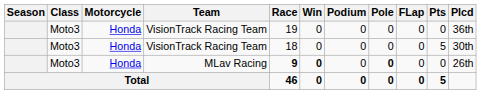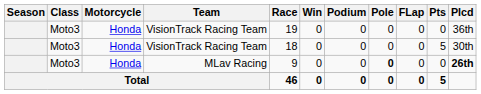 <table class="wikitable" style=text-align:right>
 <tr>
 <th>Season</th>
 <th>Class</th>
 <th>Motorcycle</th>
 <th>Team</th>
 <th>Race</th>
 <th>Win</th>
 <th>Podium</th>
 <th>Pole</th>
 <th>FLap</th>
 <th>Pts</th>
 <th>Plcd</th>
 </tr>
 <tr>
 <th></th>
 <td>Moto3</td>
 <td><a href='#'>Honda</a></td>
 <td>VisionTrack Racing Team</td>
 <td>19</td>
 <td>0</td>
 <td>0</td>
 <td>0</td>
 <td>0</td>
 <td>0</td>
 <td>36th</td>
 </tr>
 <tr>
 <th></th>
 <td>Moto3</td>
 <td><a href='#'>Honda</a></td>
 <td>VisionTrack Racing Team</td>
 <td>18</td>
 <td>0</td>
 <td>0</td>
 <td>0</td>
 <td>0</td>
 <td>5</td>
 <td>30th</td>
 </tr>
 <tr>
 <th></th>
 <td>Moto3</td>
 <td><a href='#'>Honda</a></td>
 <td>MLav Racing</td>
-<td><strong>9</strong></td>
-<td><strong>0</strong></td>
+<td>9</td>
+<td>0</td>
 <td>0</td>
 <td><strong>0</strong></td>
 <td>0</td>
 <td>0</td>
-<td>26th</td>
+<td><strong>26th</strong></td>
 </tr>
 <tr>
 <th colspan=4>Total</th>
 <td><strong>46</strong></td>
 <td><strong>0</strong></td>
 <td><strong>0</strong></td>
 <td><strong>0</strong></td>
 <td><strong>0</strong></td>
 <td><strong>5</strong></td>
 <td></td>
 </tr>
 </table>
